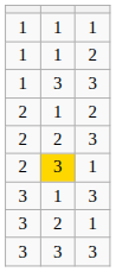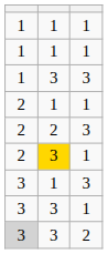 <table class="wikitable" style="margin-left:auto;margin-right:auto;text-align:center;width:6em;height:6em;table-layout:fixed;">
 <tr>
 <th></th>
 <th></th>
 <th></th>
 </tr>
 <tr>
 <td>1</td>
 <td>1</td>
 <td>1</td>
 </tr>
 <tr>
 <td>1</td>
 <td>1</td>
-<td>2</td>
+<td>1</td>
 </tr>
 <tr>
 <td>1</td>
 <td>3</td>
 <td>3</td>
 </tr>
 <tr>
 <td>2</td>
 <td>1</td>
-<td>2</td>
+<td>1</td>
 </tr>
 <tr>
 <td>2</td>
 <td>2</td>
 <td>3</td>
 </tr>
 <tr>
 <td>2</td>
 <td style="background: gold;">3</td>
 <td>1</td>
 </tr>
 <tr>
 <td>3</td>
 <td>1</td>
 <td>3</td>
 </tr>
 <tr>
 <td>3</td>
-<td>2</td>
+<td>3</td>
 <td>1</td>
 </tr>
 <tr>
+<td style="background: lightgrey;">3</td>
 <td>3</td>
-<td>3</td>
-<td>3</td>
+<td>2</td>
 </tr>
 </table>
